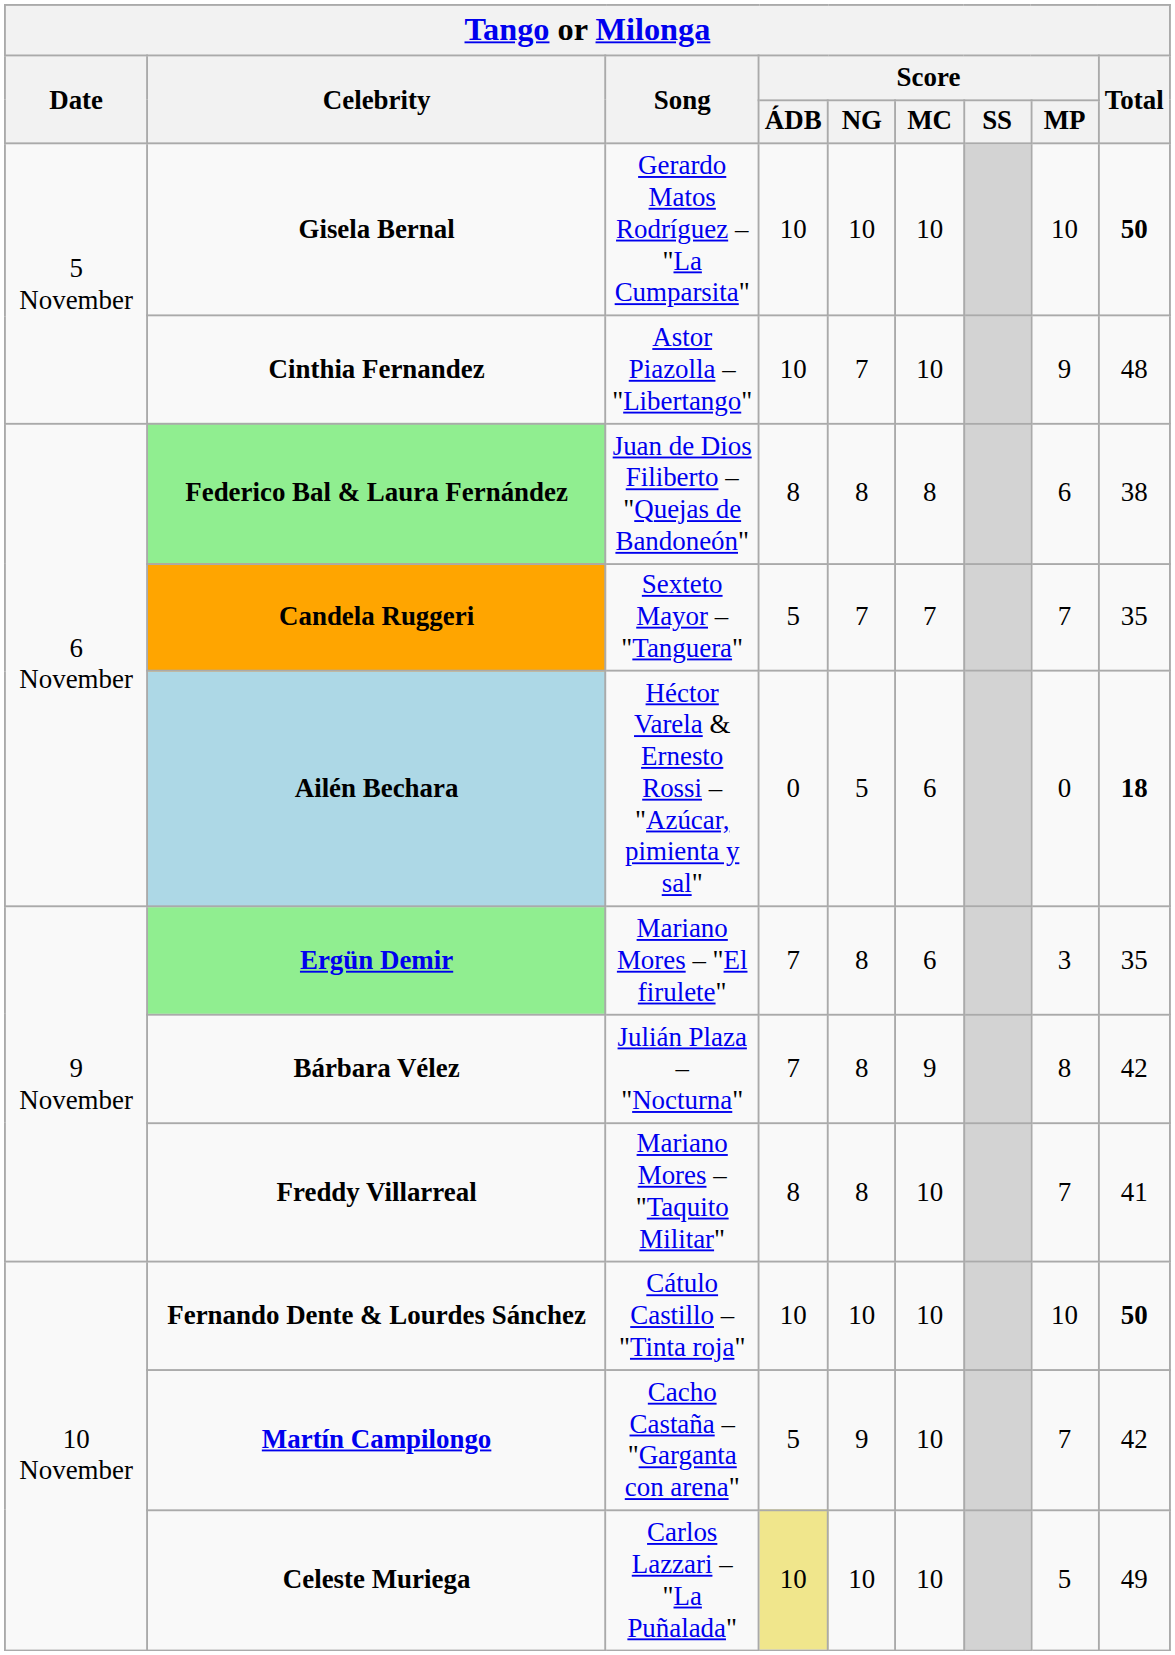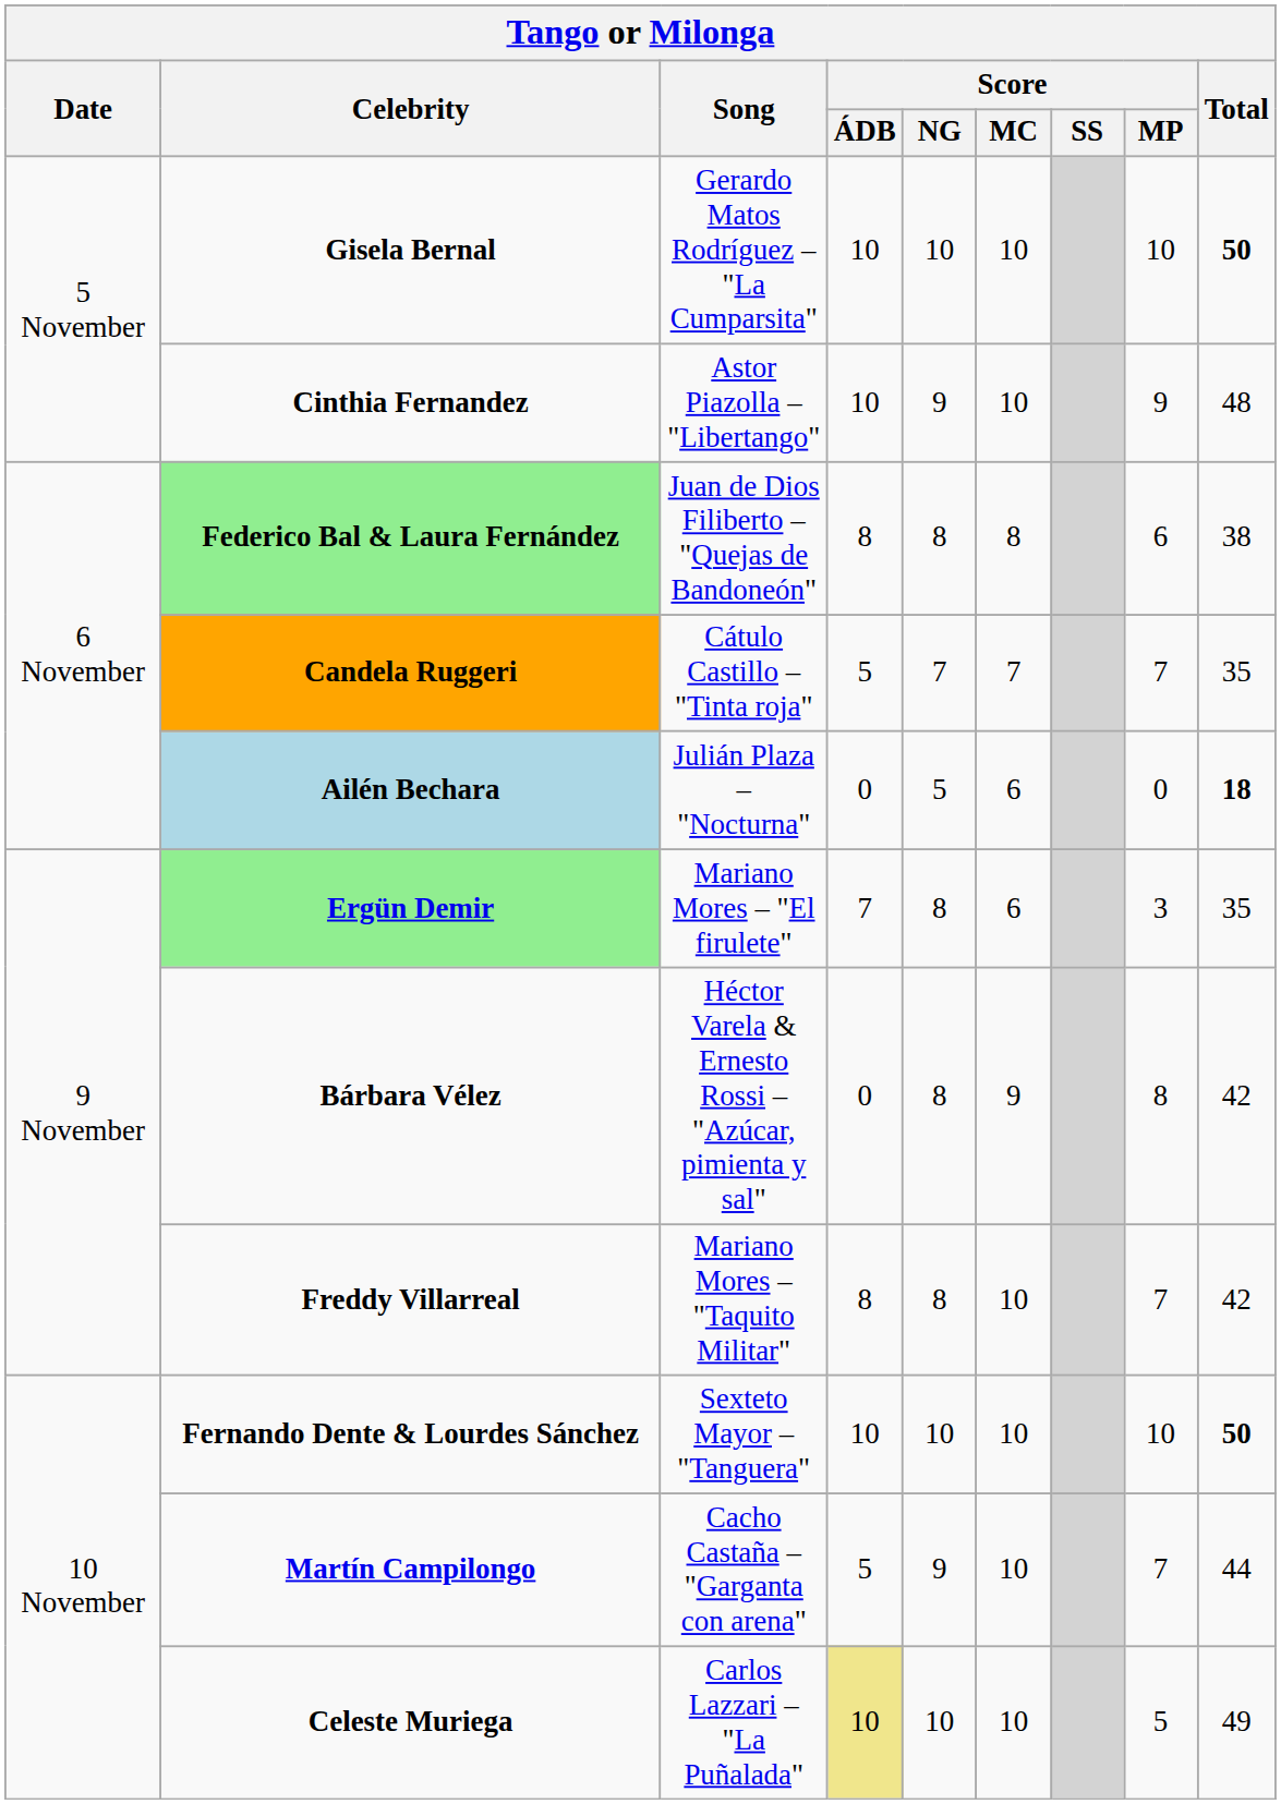 <table class="wikitable collapsible collapsed" style="font-size:90%; text-align: center; width: 100%;">
 <tr>
 <th colspan="11" style="with: 95%;" align=center><big><a href='#'>Tango</a> or <a href='#'>Milonga</a></big></th>
 </tr>
 <tr>
 <th width=70 rowspan="2">Date</th>
 <th width=250 rowspan="2">Celebrity</th>
 <th rowspan="2">Song</th>
 <th colspan="5">Score</th>
 <th rowspan="2">Total</th>
 </tr>
 <tr>
 <th width=30>ÁDB</th>
 <th width=30>NG</th>
 <th width=30>MC</th>
 <th width=30>SS</th>
 <th width=30>MP</th>
 </tr>
 <tr>
 <td rowspan=2>5 November</td>
 <td><strong>Gisela Bernal</strong></td>
 <td><a href='#'>Gerardo Matos Rodríguez</a> – "<a href='#'>La Cumparsita</a>"</td>
 <td>10</td>
 <td>10</td>
 <td>10</td>
 <td bgcolor="lightgray"></td>
 <td>10</td>
 <td><span><strong>50</strong></span></td>
 </tr>
 <tr>
 <td><strong>Cinthia Fernandez</strong></td>
 <td><a href='#'>Astor Piazolla</a> – "<a href='#'>Libertango</a>"</td>
 <td>10</td>
-<td>7</td>
+<td>9</td>
 <td>10</td>
 <td bgcolor="lightgray"></td>
 <td>9</td>
 <td>48</td>
 </tr>
 <tr>
 <td rowspan=3>6 November</td>
 <td bgcolor=lightgreen><strong>Federico Bal & Laura Fernández</strong></td>
 <td><a href='#'>Juan de Dios Filiberto</a>  – "<a href='#'>Quejas de Bandoneón</a>"</td>
 <td>8</td>
 <td>8</td>
 <td>8</td>
 <td bgcolor="lightgray"></td>
 <td>6</td>
 <td>38</td>
 </tr>
 <tr>
 <td bgcolor=Orange><strong>Candela Ruggeri</strong></td>
-<td><a href='#'>Sexteto Mayor</a> – "<a href='#'>Tanguera</a>"</td>
+<td><a href='#'>Cátulo Castillo</a> – "<a href='#'>Tinta roja</a>"</td>
 <td>5</td>
 <td>7</td>
 <td>7</td>
 <td bgcolor="lightgray"></td>
 <td>7</td>
 <td>35</td>
 </tr>
 <tr>
 <td bgcolor=lightblue><strong>Ailén Bechara</strong></td>
-<td><a href='#'>Héctor Varela</a> & <a href='#'>Ernesto Rossi</a> – "<a href='#'>Azúcar, pimienta y sal</a>"</td>
+<td><a href='#'>Julián Plaza</a> – "<a href='#'>Nocturna</a>"</td>
 <td>0</td>
 <td>5</td>
 <td>6</td>
 <td bgcolor="lightgray"></td>
 <td>0</td>
 <td><span><strong>18</strong></span></td>
 </tr>
 <tr>
 <td rowspan=3>9 November</td>
 <td bgcolor=lightgreen><strong><a href='#'>Ergün Demir</a></strong></td>
 <td><a href='#'>Mariano Mores</a> – "<a href='#'>El firulete</a>"</td>
 <td>7</td>
 <td>8</td>
 <td>6</td>
 <td bgcolor="lightgray"></td>
 <td>3</td>
 <td>35</td>
 </tr>
 <tr>
 <td><strong>Bárbara Vélez</strong></td>
-<td><a href='#'>Julián Plaza</a> – "<a href='#'>Nocturna</a>"</td>
-<td>7</td>
+<td><a href='#'>Héctor Varela</a> & <a href='#'>Ernesto Rossi</a> – "<a href='#'>Azúcar, pimienta y sal</a>"</td>
+<td>0</td>
 <td>8</td>
 <td>9</td>
 <td bgcolor="lightgray"></td>
 <td>8</td>
 <td>42</td>
 </tr>
 <tr>
 <td><strong>Freddy Villarreal</strong></td>
 <td><a href='#'>Mariano Mores</a> – "<a href='#'>Taquito Militar</a>"</td>
 <td>8</td>
 <td>8</td>
 <td>10</td>
 <td bgcolor="lightgray"></td>
 <td>7</td>
-<td>41</td>
+<td>42</td>
 </tr>
 <tr>
 <td rowspan=3>10 November</td>
 <td><strong>Fernando Dente & Lourdes Sánchez</strong></td>
-<td><a href='#'>Cátulo Castillo</a> – "<a href='#'>Tinta roja</a>"</td>
+<td><a href='#'>Sexteto Mayor</a> – "<a href='#'>Tanguera</a>"</td>
 <td>10</td>
 <td>10</td>
 <td>10</td>
 <td bgcolor="lightgray"></td>
 <td>10</td>
 <td><span><strong>50</strong></span></td>
 </tr>
 <tr>
 <td><strong><a href='#'>Martín Campilongo</a></strong></td>
 <td><a href='#'>Cacho Castaña</a> – "<a href='#'>Garganta con arena</a>"</td>
 <td>5</td>
 <td>9</td>
 <td>10</td>
 <td bgcolor="lightgray"></td>
 <td>7</td>
-<td>42</td>
+<td>44</td>
 </tr>
 <tr>
 <td><strong>Celeste Muriega</strong></td>
 <td><a href='#'>Carlos Lazzari</a> – "<a href='#'>La Puñalada</a>"</td>
 <td style="background: khaki;">10</td>
 <td>10</td>
 <td>10</td>
 <td bgcolor="lightgray"></td>
 <td>5</td>
 <td>49</td>
 </tr>
 </table>
